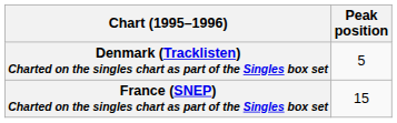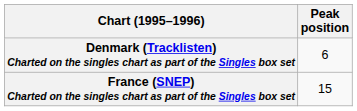 <table class="wikitable sortable plainrowheaders">
 <tr>
 <th scope="col">Chart (1995–1996)</th>
 <th scope="col">Peak<br>position</th>
 </tr>
 <tr>
 <th scope="row">Denmark (<a href='#'>Tracklisten</a>)<br><small><em>Charted on the singles chart as part of the <a href='#'>Singles</a> box set</em></small></th>
-<td style="text-align:center;">5</td>
+<td style="text-align:center;">6</td>
 </tr>
 <tr>
 <th scope="row">France (<a href='#'>SNEP</a>)<br><small><em>Charted on the singles chart as part of the <a href='#'>Singles</a> box set</em></small></th>
 <td style="text-align:center;">15</td>
 </tr>
 </table>
